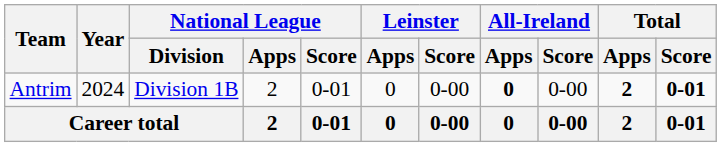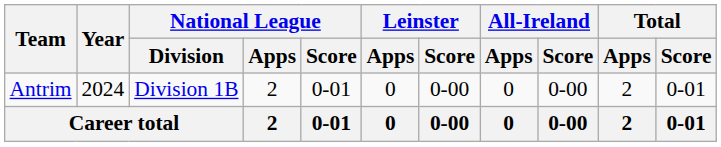 <table class="wikitable" style="text-align:center">
 <tr>
 <th rowspan="2">Team</th>
 <th rowspan="2">Year</th>
 <th colspan="3"><a href='#'>National League</a></th>
 <th colspan="2"><a href='#'>Leinster</a></th>
 <th colspan="2"><a href='#'>All-Ireland</a></th>
 <th colspan="2">Total</th>
 </tr>
 <tr>
 <th>Division</th>
 <th>Apps</th>
 <th>Score</th>
 <th>Apps</th>
 <th>Score</th>
 <th>Apps</th>
 <th>Score</th>
 <th>Apps</th>
 <th>Score</th>
 </tr>
 <tr>
 <td rowspan="1"><a href='#'>Antrim</a></td>
 <td>2024</td>
 <td rowspan="1"><a href='#'>Division 1B</a></td>
 <td>2</td>
 <td>0-01</td>
 <td>0</td>
 <td>0-00</td>
-<td><strong>0</strong></td>
+<td>0</td>
 <td>0-00</td>
-<td><strong>2</strong></td>
-<td><strong>0-01</strong></td>
+<td>2</td>
+<td>0-01</td>
 </tr>
 <tr>
 <th colspan="3">Career total</th>
 <th>2</th>
 <th>0-01</th>
 <th>0</th>
 <th>0-00</th>
 <th>0</th>
 <th>0-00</th>
 <th>2</th>
 <th>0-01</th>
 </tr>
 </table>
